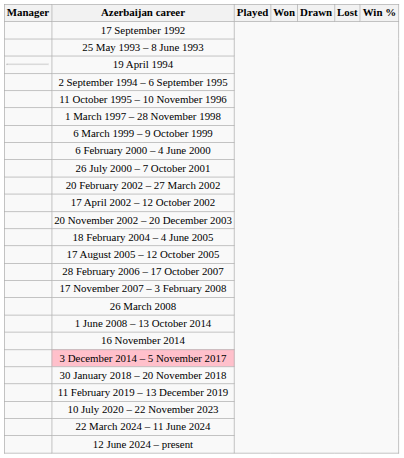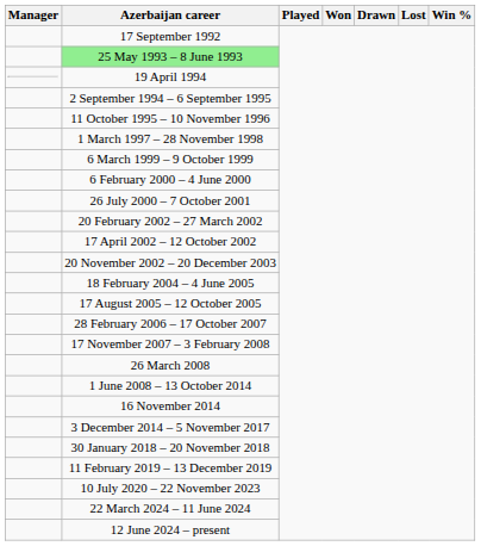 <table class="wikitable sortable collapsible collapsed" style="text-align: center; font-size: 100%;">
 <tr>
 <th>Manager</th>
 <th>Azerbaijan career</th>
 <th>Played</th>
 <th>Won</th>
 <th>Drawn</th>
 <th>Lost</th>
 <th>Win %</th>
 </tr>
 <tr>
 <td style="text-align: left;"> </td>
 <td>17 September 1992<br></td>
 </tr>
 <tr>
 <td style="text-align: left;"> </td>
-<td>25 May 1993 – 8 June 1993<br></td>
+<td style="background: lightgreen;">25 May 1993 – 8 June 1993<br></td>
 </tr>
 <tr>
 <td style="text-align: left;">   <hr>   </td>
 <td>19 April 1994<br></td>
 </tr>
 <tr>
 <td style="text-align: left;"> </td>
 <td>2 September 1994 – 6 September 1995<br></td>
 </tr>
 <tr>
 <td style="text-align: left;"> </td>
 <td>11 October 1995 – 10 November 1996<br></td>
 </tr>
 <tr>
 <td style="text-align: left;"> </td>
 <td>1 March 1997 – 28 November 1998<br></td>
 </tr>
 <tr>
 <td style="text-align: left;"> </td>
 <td>6 March 1999 – 9 October 1999<br></td>
 </tr>
 <tr>
 <td style="text-align: left;">  </td>
 <td>6 February 2000 – 4 June 2000<br></td>
 </tr>
 <tr>
 <td style="text-align: left;"> </td>
 <td>26 July 2000 – 7 October 2001<br></td>
 </tr>
 <tr>
 <td style="text-align: left;">  </td>
 <td>20 February 2002 – 27 March 2002<br></td>
 </tr>
 <tr>
 <td style="text-align: left;"> </td>
 <td>17 April 2002 – 12 October 2002<br></td>
 </tr>
 <tr>
 <td style="text-align: left;"> </td>
 <td>20 November 2002 – 20 December 2003<br></td>
 </tr>
 <tr>
 <td style="text-align: left;"> </td>
 <td>18 February 2004 – 4 June 2005<br></td>
 </tr>
 <tr>
 <td style="text-align: left;">  </td>
 <td>17 August 2005 – 12 October 2005<br></td>
 </tr>
 <tr>
 <td style="text-align: left;"> </td>
 <td>28 February 2006 – 17 October 2007<br></td>
 </tr>
 <tr>
 <td style="text-align: left;">  </td>
 <td>17 November 2007 – 3 February 2008<br></td>
 </tr>
 <tr>
 <td style="text-align: left;">  </td>
 <td>26 March 2008<br></td>
 </tr>
 <tr>
 <td style="text-align: left;"> </td>
 <td>1 June 2008 – 13 October 2014<br></td>
 </tr>
 <tr>
 <td style="text-align: left;">  </td>
 <td>16 November 2014<br></td>
 </tr>
 <tr>
 <td style="text-align: left;"> </td>
-<td style="background: pink;">3 December 2014 – 5 November 2017<br></td>
+<td>3 December 2014 – 5 November 2017<br></td>
 </tr>
 <tr>
 <td style="text-align: left;"> </td>
 <td>30 January 2018 – 20 November 2018<br></td>
 </tr>
 <tr>
 <td style="text-align: left;"> </td>
 <td>11 February 2019 – 13 December 2019<br></td>
 </tr>
 <tr>
 <td style="text-align: left;"> </td>
 <td>10 July 2020 – 22 November 2023<br></td>
 </tr>
 <tr>
 <td style="text-align: left;">  </td>
 <td>22 March 2024 – 11 June 2024<br></td>
 </tr>
 <tr>
 <td style="text-align: left;"> </td>
 <td>12 June 2024 – present<br></td>
 </tr>
 </table>
